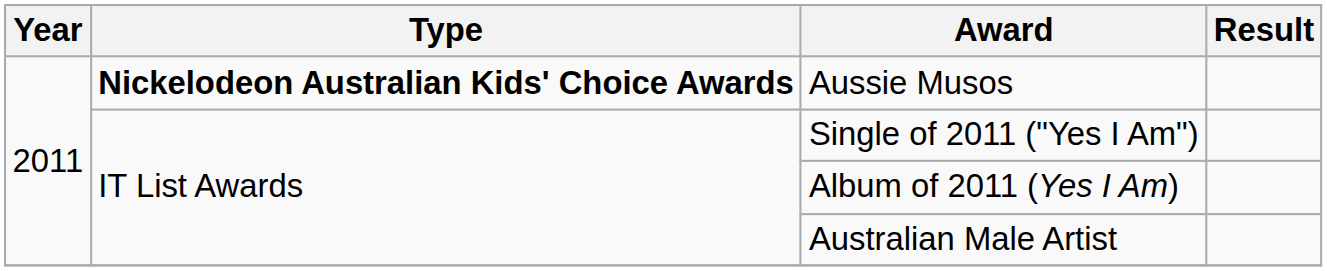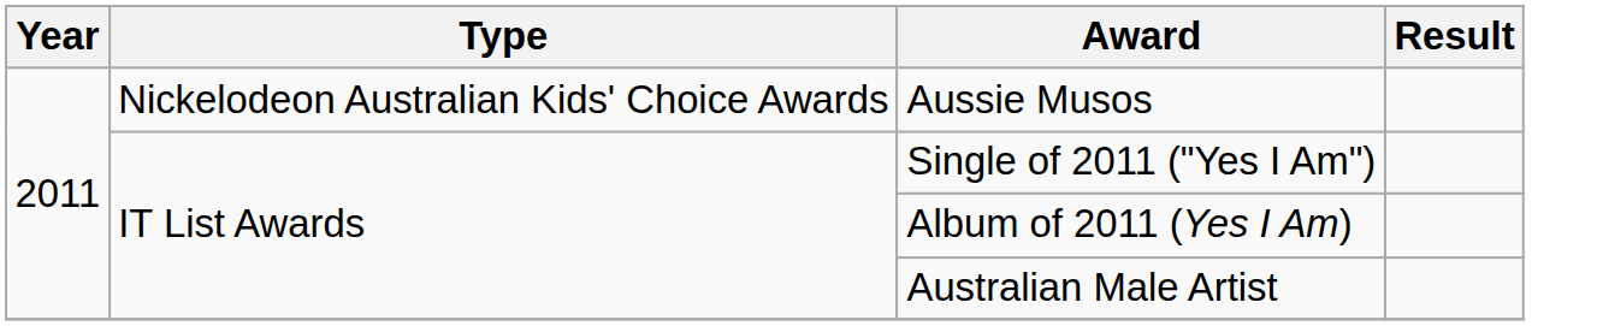 <table class="wikitable">
 <tr>
 <th>Year</th>
 <th>Type</th>
 <th>Award</th>
 <th>Result</th>
 </tr>
 <tr>
 <td rowspan="4">2011</td>
-<td><strong>Nickelodeon Australian Kids' Choice Awards</strong></td>
+<td>Nickelodeon Australian Kids' Choice Awards</td>
 <td>Aussie Musos</td>
 <td></td>
 </tr>
 <tr>
 <td rowspan="3">IT List Awards</td>
 <td>Single of 2011 ("Yes I Am")</td>
 <td></td>
 </tr>
 <tr>
 <td>Album of 2011 (<em>Yes I Am</em>)</td>
 <td></td>
 </tr>
 <tr>
 <td>Australian Male Artist</td>
 <td></td>
 </tr>
 <tr>
 </tr>
 </table>
